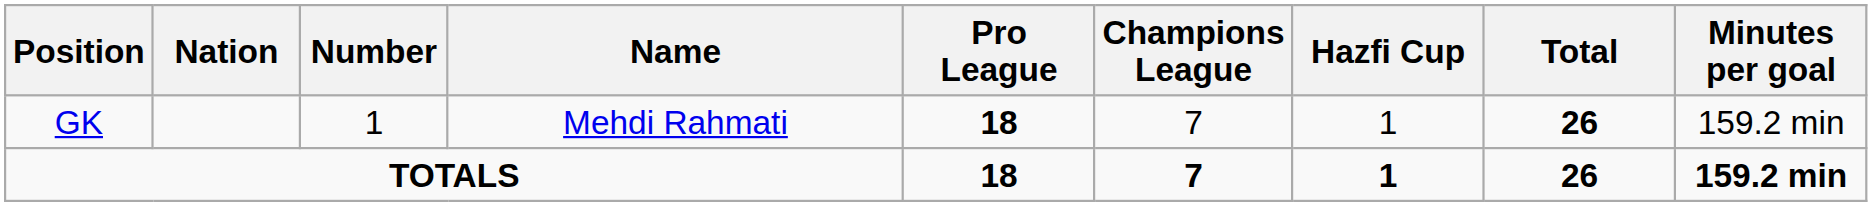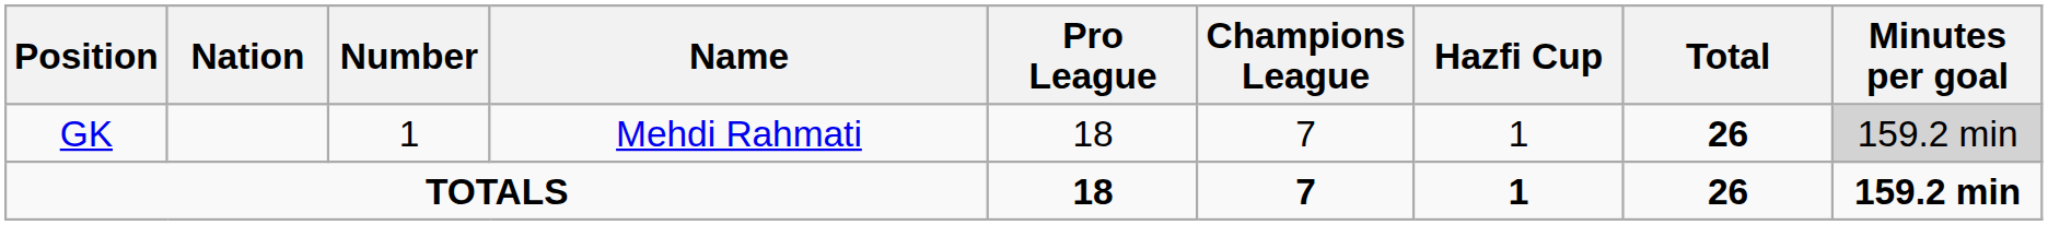 <table class="wikitable" style="font-size: 95%; text-align: center;">
 <tr>
 <th width=60>Position</th>
 <th width=60>Nation</th>
 <th width=60>Number</th>
 <th width=200>Name</th>
 <th width=80>Pro League</th>
 <th width=80>Champions League</th>
 <th width=80>Hazfi Cup</th>
 <th width=80>Total</th>
 <th width=80>Minutes per goal</th>
 </tr>
 <tr>
 <td><a href='#'>GK</a></td>
 <td></td>
 <td>1</td>
 <td><a href='#'>Mehdi Rahmati</a></td>
-<td><strong>18 </strong></td>
+<td>18 </td>
 <td>7 </td>
 <td>1 </td>
 <td><strong>26</strong> </td>
-<td>159.2 min </td>
+<td style="background: lightgrey;">159.2 min </td>
 </tr>
 <tr>
 <td colspan="4"><strong>TOTALS</strong></td>
 <td><strong>18</strong> </td>
 <td><strong>7</strong> </td>
 <td><strong>1</strong> </td>
 <td><strong>26</strong> </td>
 <td><strong>159.2 min</strong> </td>
 </tr>
 </table>
